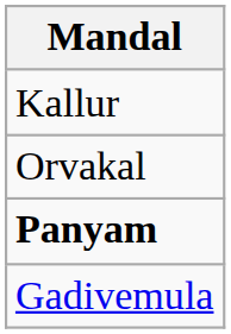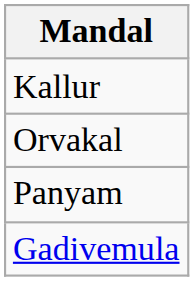 <table class="wikitable sortable static-row-numbers static-row-header-hash">
 <tr>
 <th>Mandal</th>
 </tr>
 <tr>
 <td>Kallur</td>
 </tr>
 <tr>
 <td>Orvakal</td>
 </tr>
 <tr>
-<td><strong>Panyam</strong></td>
+<td>Panyam</td>
 </tr>
 <tr>
 <td><a href='#'>Gadivemula</a></td>
 </tr>
 </table>
